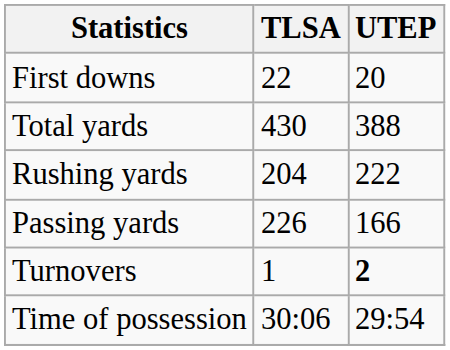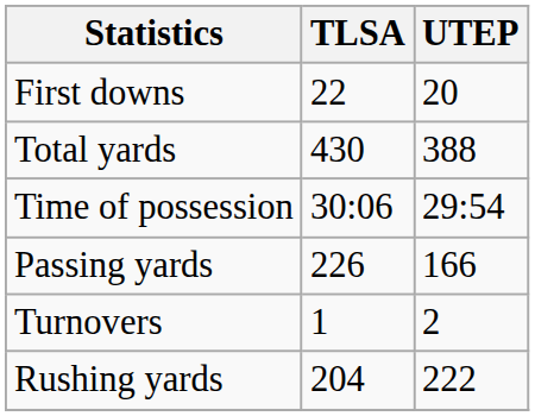 <table class="wikitable">
 <tr>
 <th>Statistics</th>
 <th>TLSA</th>
 <th>UTEP</th>
 </tr>
 <tr>
 <td>First downs</td>
 <td>22</td>
 <td>20</td>
 </tr>
 <tr>
 <td>Total yards</td>
 <td>430</td>
 <td>388</td>
 </tr>
 <tr>
-<td>Rushing yards</td>
-<td>204</td>
-<td>222</td>
+<td>Time of possession</td>
+<td>30:06</td>
+<td>29:54</td>
 </tr>
 <tr>
 <td>Passing yards</td>
 <td>226</td>
 <td>166</td>
 </tr>
 <tr>
 <td>Turnovers</td>
 <td>1</td>
-<td><strong>2</strong></td>
+<td>2</td>
 </tr>
 <tr>
-<td>Time of possession</td>
-<td>30:06</td>
-<td>29:54</td>
+<td>Rushing yards</td>
+<td>204</td>
+<td>222</td>
 </tr>
 <tr>
 </tr>
 </table>
